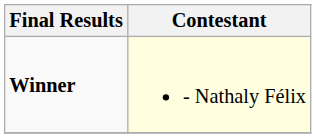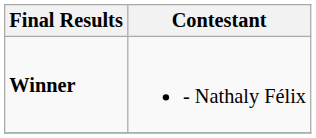 <table class="wikitable">
 <tr>
 <th>Final Results</th>
 <th>Contestant</th>
 </tr>
 <tr>
 <td><strong>Winner</strong></td>
-<td style="background: lightyellow;"><br><ul><li><strong></strong> - Nathaly Félix</li></ul></td>
+<td><br><ul><li><strong></strong> - Nathaly Félix</li></ul></td>
 </tr>
 <tr>
 </tr>
 </table>
